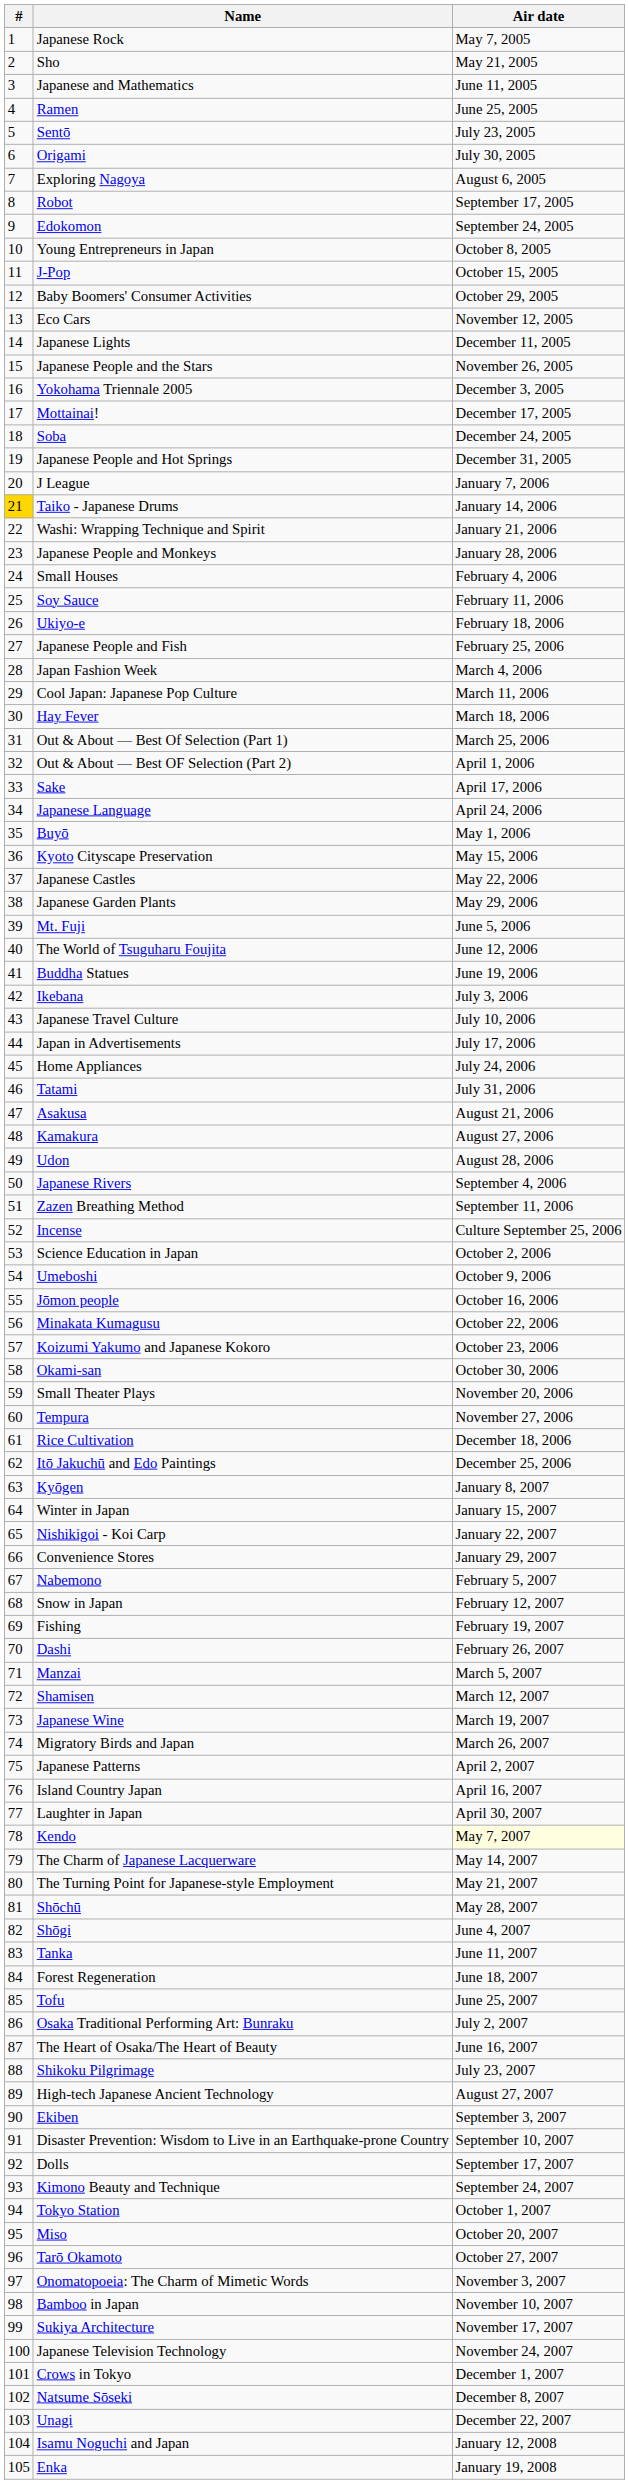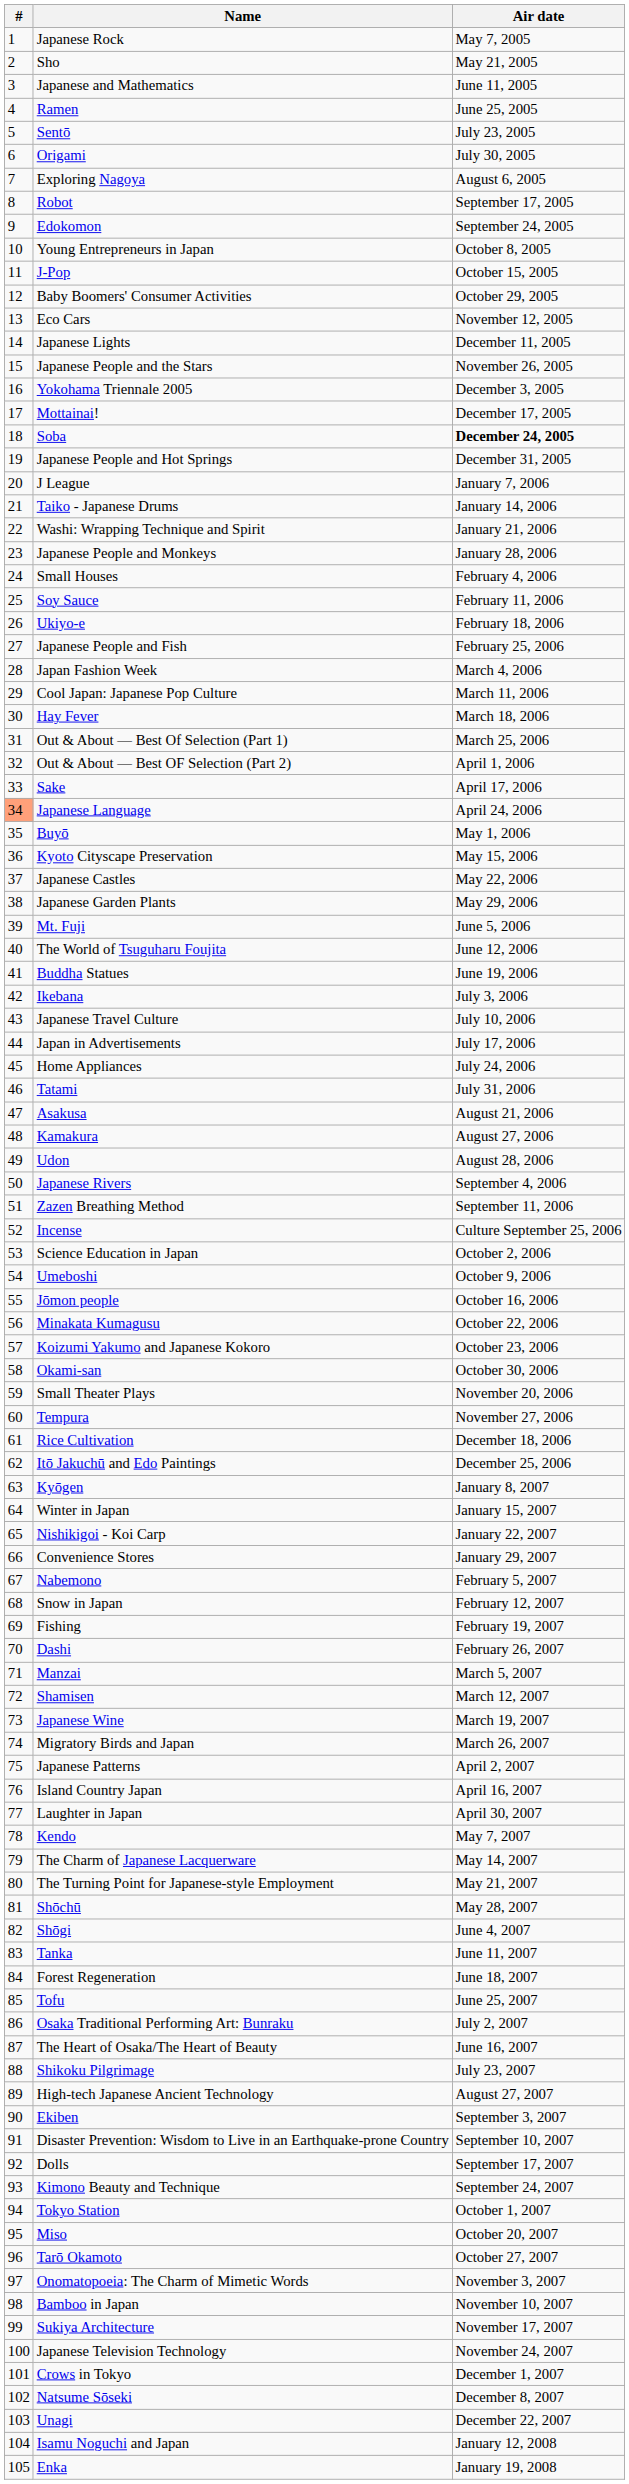 <table class="wikitable sortable">
 <tr>
 <th>#</th>
 <th>Name</th>
 <th>Air date</th>
 </tr>
 <tr>
 <td>1</td>
 <td>Japanese Rock</td>
 <td>May 7, 2005</td>
 </tr>
 <tr>
 <td>2</td>
 <td>Sho</td>
 <td>May 21, 2005</td>
 </tr>
 <tr>
 <td>3</td>
 <td>Japanese and Mathematics</td>
 <td>June 11, 2005</td>
 </tr>
 <tr>
 <td>4</td>
 <td><a href='#'>Ramen</a></td>
 <td>June 25, 2005</td>
 </tr>
 <tr>
 <td>5</td>
 <td><a href='#'>Sentō</a></td>
 <td>July 23, 2005</td>
 </tr>
 <tr>
 <td>6</td>
 <td><a href='#'>Origami</a></td>
 <td>July 30, 2005</td>
 </tr>
 <tr>
 <td>7</td>
 <td>Exploring <a href='#'>Nagoya</a></td>
 <td>August 6, 2005</td>
 </tr>
 <tr>
 <td>8</td>
 <td><a href='#'>Robot</a></td>
 <td>September 17, 2005</td>
 </tr>
 <tr>
 <td>9</td>
 <td><a href='#'>Edokomon</a></td>
 <td>September 24, 2005</td>
 </tr>
 <tr>
 <td>10</td>
 <td>Young Entrepreneurs in Japan</td>
 <td>October 8, 2005</td>
 </tr>
 <tr>
 <td>11</td>
 <td><a href='#'>J-Pop</a></td>
 <td>October 15, 2005</td>
 </tr>
 <tr>
 <td>12</td>
 <td>Baby Boomers' Consumer Activities</td>
 <td>October 29, 2005</td>
 </tr>
 <tr>
 <td>13</td>
 <td>Eco Cars</td>
 <td>November 12, 2005</td>
 </tr>
 <tr>
 <td>14</td>
 <td>Japanese Lights</td>
 <td>December 11, 2005</td>
 </tr>
 <tr>
 <td>15</td>
 <td>Japanese People and the Stars</td>
 <td>November 26, 2005</td>
 </tr>
 <tr>
 <td>16</td>
 <td><a href='#'>Yokohama</a> Triennale 2005</td>
 <td>December 3, 2005</td>
 </tr>
 <tr>
 <td>17</td>
 <td><a href='#'>Mottainai</a>!</td>
 <td>December 17, 2005</td>
 </tr>
 <tr>
 <td>18</td>
 <td><a href='#'>Soba</a></td>
-<td>December 24, 2005</td>
+<td><strong>December 24, 2005</strong></td>
 </tr>
 <tr>
 <td>19</td>
 <td>Japanese People and Hot Springs</td>
 <td>December 31, 2005</td>
 </tr>
 <tr>
 <td>20</td>
 <td>J League</td>
 <td>January 7, 2006</td>
 </tr>
 <tr>
-<td style="background: gold;">21</td>
+<td>21</td>
 <td><a href='#'>Taiko</a> - Japanese Drums</td>
 <td>January 14, 2006</td>
 </tr>
 <tr>
 <td>22</td>
 <td>Washi: Wrapping Technique and Spirit</td>
 <td>January 21, 2006</td>
 </tr>
 <tr>
 <td>23</td>
 <td>Japanese People and Monkeys</td>
 <td>January 28, 2006</td>
 </tr>
 <tr>
 <td>24</td>
 <td>Small Houses</td>
 <td>February 4, 2006</td>
 </tr>
 <tr>
 <td>25</td>
 <td><a href='#'>Soy Sauce</a></td>
 <td>February 11, 2006</td>
 </tr>
 <tr>
 <td>26</td>
 <td><a href='#'>Ukiyo-e</a></td>
 <td>February 18, 2006</td>
 </tr>
 <tr>
 <td>27</td>
 <td>Japanese People and Fish</td>
 <td>February 25, 2006</td>
 </tr>
 <tr>
 <td>28</td>
 <td>Japan Fashion Week</td>
 <td>March 4, 2006</td>
 </tr>
 <tr>
 <td>29</td>
 <td>Cool Japan: Japanese Pop Culture</td>
 <td>March 11, 2006</td>
 </tr>
 <tr>
 <td>30</td>
 <td><a href='#'>Hay Fever</a></td>
 <td>March 18, 2006</td>
 </tr>
 <tr>
 <td>31</td>
 <td>Out & About — Best Of Selection (Part 1)</td>
 <td>March 25, 2006</td>
 </tr>
 <tr>
 <td>32</td>
 <td>Out & About — Best OF Selection (Part 2)</td>
 <td>April 1, 2006</td>
 </tr>
 <tr>
 <td>33</td>
 <td><a href='#'>Sake</a></td>
 <td>April 17, 2006</td>
 </tr>
 <tr>
-<td>34</td>
+<td style="background: lightsalmon;">34</td>
 <td><a href='#'>Japanese Language</a></td>
 <td>April 24, 2006</td>
 </tr>
 <tr>
 <td>35</td>
 <td><a href='#'>Buyō</a></td>
 <td>May 1, 2006</td>
 </tr>
 <tr>
 <td>36</td>
 <td><a href='#'>Kyoto</a> Cityscape Preservation</td>
 <td>May 15, 2006</td>
 </tr>
 <tr>
 <td>37</td>
 <td>Japanese Castles</td>
 <td>May 22, 2006</td>
 </tr>
 <tr>
 <td>38</td>
 <td>Japanese Garden Plants</td>
 <td>May 29, 2006</td>
 </tr>
 <tr>
 <td>39</td>
 <td><a href='#'>Mt. Fuji</a></td>
 <td>June 5, 2006</td>
 </tr>
 <tr>
 <td>40</td>
 <td>The World of <a href='#'>Tsuguharu Foujita</a></td>
 <td>June 12, 2006</td>
 </tr>
 <tr>
 <td>41</td>
 <td><a href='#'>Buddha</a> Statues</td>
 <td>June 19, 2006</td>
 </tr>
 <tr>
 <td>42</td>
 <td><a href='#'>Ikebana</a></td>
 <td>July 3, 2006</td>
 </tr>
 <tr>
 <td>43</td>
 <td>Japanese Travel Culture</td>
 <td>July 10, 2006</td>
 </tr>
 <tr>
 <td>44</td>
 <td>Japan in Advertisements</td>
 <td>July 17, 2006</td>
 </tr>
 <tr>
 <td>45</td>
 <td>Home Appliances</td>
 <td>July 24, 2006</td>
 </tr>
 <tr>
 <td>46</td>
 <td><a href='#'>Tatami</a></td>
 <td>July 31, 2006</td>
 </tr>
 <tr>
 <td>47</td>
 <td><a href='#'>Asakusa</a></td>
 <td>August 21, 2006</td>
 </tr>
 <tr>
 <td>48</td>
 <td><a href='#'>Kamakura</a></td>
 <td>August 27, 2006</td>
 </tr>
 <tr>
 <td>49</td>
 <td><a href='#'>Udon</a></td>
 <td>August 28, 2006</td>
 </tr>
 <tr>
 <td>50</td>
 <td><a href='#'>Japanese Rivers</a></td>
 <td>September 4, 2006</td>
 </tr>
 <tr>
 <td>51</td>
 <td><a href='#'>Zazen</a> Breathing Method</td>
 <td>September 11, 2006</td>
 </tr>
 <tr>
 <td>52</td>
 <td><a href='#'>Incense</a></td>
 <td>Culture September 25, 2006</td>
 </tr>
 <tr>
 <td>53</td>
 <td>Science Education in Japan</td>
 <td>October 2, 2006</td>
 </tr>
 <tr>
 <td>54</td>
 <td><a href='#'>Umeboshi</a></td>
 <td>October 9, 2006</td>
 </tr>
 <tr>
 <td>55</td>
 <td><a href='#'>Jōmon people</a></td>
 <td>October 16, 2006</td>
 </tr>
 <tr>
 <td>56</td>
 <td><a href='#'>Minakata Kumagusu</a></td>
 <td>October 22, 2006</td>
 </tr>
 <tr>
 <td>57</td>
 <td><a href='#'>Koizumi Yakumo</a> and Japanese Kokoro</td>
 <td>October 23, 2006</td>
 </tr>
 <tr>
 <td>58</td>
 <td><a href='#'>Okami-san</a></td>
 <td>October 30, 2006</td>
 </tr>
 <tr>
 <td>59</td>
 <td>Small Theater Plays</td>
 <td>November 20, 2006</td>
 </tr>
 <tr>
 <td>60</td>
 <td><a href='#'>Tempura</a></td>
 <td>November 27, 2006</td>
 </tr>
 <tr>
 <td>61</td>
 <td><a href='#'>Rice Cultivation</a></td>
 <td>December 18, 2006</td>
 </tr>
 <tr>
 <td>62</td>
 <td><a href='#'>Itō Jakuchū</a> and <a href='#'>Edo</a> Paintings</td>
 <td>December 25, 2006</td>
 </tr>
 <tr>
 <td>63</td>
 <td><a href='#'>Kyōgen</a></td>
 <td>January 8, 2007</td>
 </tr>
 <tr>
 <td>64</td>
 <td>Winter in Japan</td>
 <td>January 15, 2007</td>
 </tr>
 <tr>
 <td>65</td>
 <td><a href='#'>Nishikigoi</a> - Koi Carp</td>
 <td>January 22, 2007</td>
 </tr>
 <tr>
 <td>66</td>
 <td>Convenience Stores</td>
 <td>January 29, 2007</td>
 </tr>
 <tr>
 <td>67</td>
 <td><a href='#'>Nabemono</a></td>
 <td>February 5, 2007</td>
 </tr>
 <tr>
 <td>68</td>
 <td>Snow in Japan</td>
 <td>February 12, 2007</td>
 </tr>
 <tr>
 <td>69</td>
 <td>Fishing</td>
 <td>February 19, 2007</td>
 </tr>
 <tr>
 <td>70</td>
 <td><a href='#'>Dashi</a></td>
 <td>February 26, 2007</td>
 </tr>
 <tr>
 <td>71</td>
 <td><a href='#'>Manzai</a></td>
 <td>March 5, 2007</td>
 </tr>
 <tr>
 <td>72</td>
 <td><a href='#'>Shamisen</a></td>
 <td>March 12, 2007</td>
 </tr>
 <tr>
 <td>73</td>
 <td><a href='#'>Japanese Wine</a></td>
 <td>March 19, 2007</td>
 </tr>
 <tr>
 <td>74</td>
 <td>Migratory Birds and Japan</td>
 <td>March 26, 2007</td>
 </tr>
 <tr>
 <td>75</td>
 <td>Japanese Patterns</td>
 <td>April 2, 2007</td>
 </tr>
 <tr>
 <td>76</td>
 <td>Island Country Japan</td>
 <td>April 16, 2007</td>
 </tr>
 <tr>
 <td>77</td>
 <td>Laughter in Japan</td>
 <td>April 30, 2007</td>
 </tr>
 <tr>
 <td>78</td>
 <td><a href='#'>Kendo</a></td>
-<td style="background: lightyellow;">May 7, 2007</td>
+<td>May 7, 2007</td>
 </tr>
 <tr>
 <td>79</td>
 <td>The Charm of <a href='#'>Japanese Lacquerware</a></td>
 <td>May 14, 2007</td>
 </tr>
 <tr>
 <td>80</td>
 <td>The Turning Point for Japanese-style Employment</td>
 <td>May 21, 2007</td>
 </tr>
 <tr>
 <td>81</td>
 <td><a href='#'>Shōchū</a></td>
 <td>May 28, 2007</td>
 </tr>
 <tr>
 <td>82</td>
 <td><a href='#'>Shōgi</a></td>
 <td>June 4, 2007</td>
 </tr>
 <tr>
 <td>83</td>
 <td><a href='#'>Tanka</a></td>
 <td>June 11, 2007</td>
 </tr>
 <tr>
 <td>84</td>
 <td>Forest Regeneration</td>
 <td>June 18, 2007</td>
 </tr>
 <tr>
 <td>85</td>
 <td><a href='#'>Tofu</a></td>
 <td>June 25, 2007</td>
 </tr>
 <tr>
 <td>86</td>
 <td><a href='#'>Osaka</a> Traditional Performing Art: <a href='#'>Bunraku</a></td>
 <td>July 2, 2007</td>
 </tr>
 <tr>
 <td>87</td>
 <td>The Heart of Osaka/The Heart of Beauty</td>
 <td>June 16, 2007</td>
 </tr>
 <tr>
 <td>88</td>
 <td><a href='#'>Shikoku Pilgrimage</a></td>
 <td>July 23, 2007</td>
 </tr>
 <tr>
 <td>89</td>
 <td>High-tech Japanese Ancient Technology</td>
 <td>August 27, 2007</td>
 </tr>
 <tr>
 <td>90</td>
 <td><a href='#'>Ekiben</a></td>
 <td>September 3, 2007</td>
 </tr>
 <tr>
 <td>91</td>
 <td>Disaster Prevention: Wisdom to Live in an Earthquake-prone Country</td>
 <td>September 10, 2007</td>
 </tr>
 <tr>
 <td>92</td>
 <td>Dolls</td>
 <td>September 17, 2007</td>
 </tr>
 <tr>
 <td>93</td>
 <td><a href='#'>Kimono</a> Beauty and Technique</td>
 <td>September 24, 2007</td>
 </tr>
 <tr>
 <td>94</td>
 <td><a href='#'>Tokyo Station</a></td>
 <td>October 1, 2007</td>
 </tr>
 <tr>
 <td>95</td>
 <td><a href='#'>Miso</a></td>
 <td>October 20, 2007</td>
 </tr>
 <tr>
 <td>96</td>
 <td><a href='#'>Tarō Okamoto</a></td>
 <td>October 27, 2007</td>
 </tr>
 <tr>
 <td>97</td>
 <td><a href='#'>Onomatopoeia</a>: The Charm of Mimetic Words</td>
 <td>November 3, 2007</td>
 </tr>
 <tr>
 <td>98</td>
 <td><a href='#'>Bamboo</a> in Japan</td>
 <td>November 10, 2007</td>
 </tr>
 <tr>
 <td>99</td>
 <td><a href='#'>Sukiya Architecture</a></td>
 <td>November 17, 2007</td>
 </tr>
 <tr>
 <td>100</td>
 <td>Japanese Television Technology</td>
 <td>November 24, 2007</td>
 </tr>
 <tr>
 <td>101</td>
 <td><a href='#'>Crows</a> in Tokyo</td>
 <td>December 1, 2007</td>
 </tr>
 <tr>
 <td>102</td>
 <td><a href='#'>Natsume Sōseki</a></td>
 <td>December 8, 2007</td>
 </tr>
 <tr>
 <td>103</td>
 <td><a href='#'>Unagi</a></td>
 <td>December 22, 2007</td>
 </tr>
 <tr>
 <td>104</td>
 <td><a href='#'>Isamu Noguchi</a> and Japan</td>
 <td>January 12, 2008</td>
 </tr>
 <tr>
 <td>105</td>
 <td><a href='#'>Enka</a></td>
 <td>January 19, 2008</td>
 </tr>
 </table>
